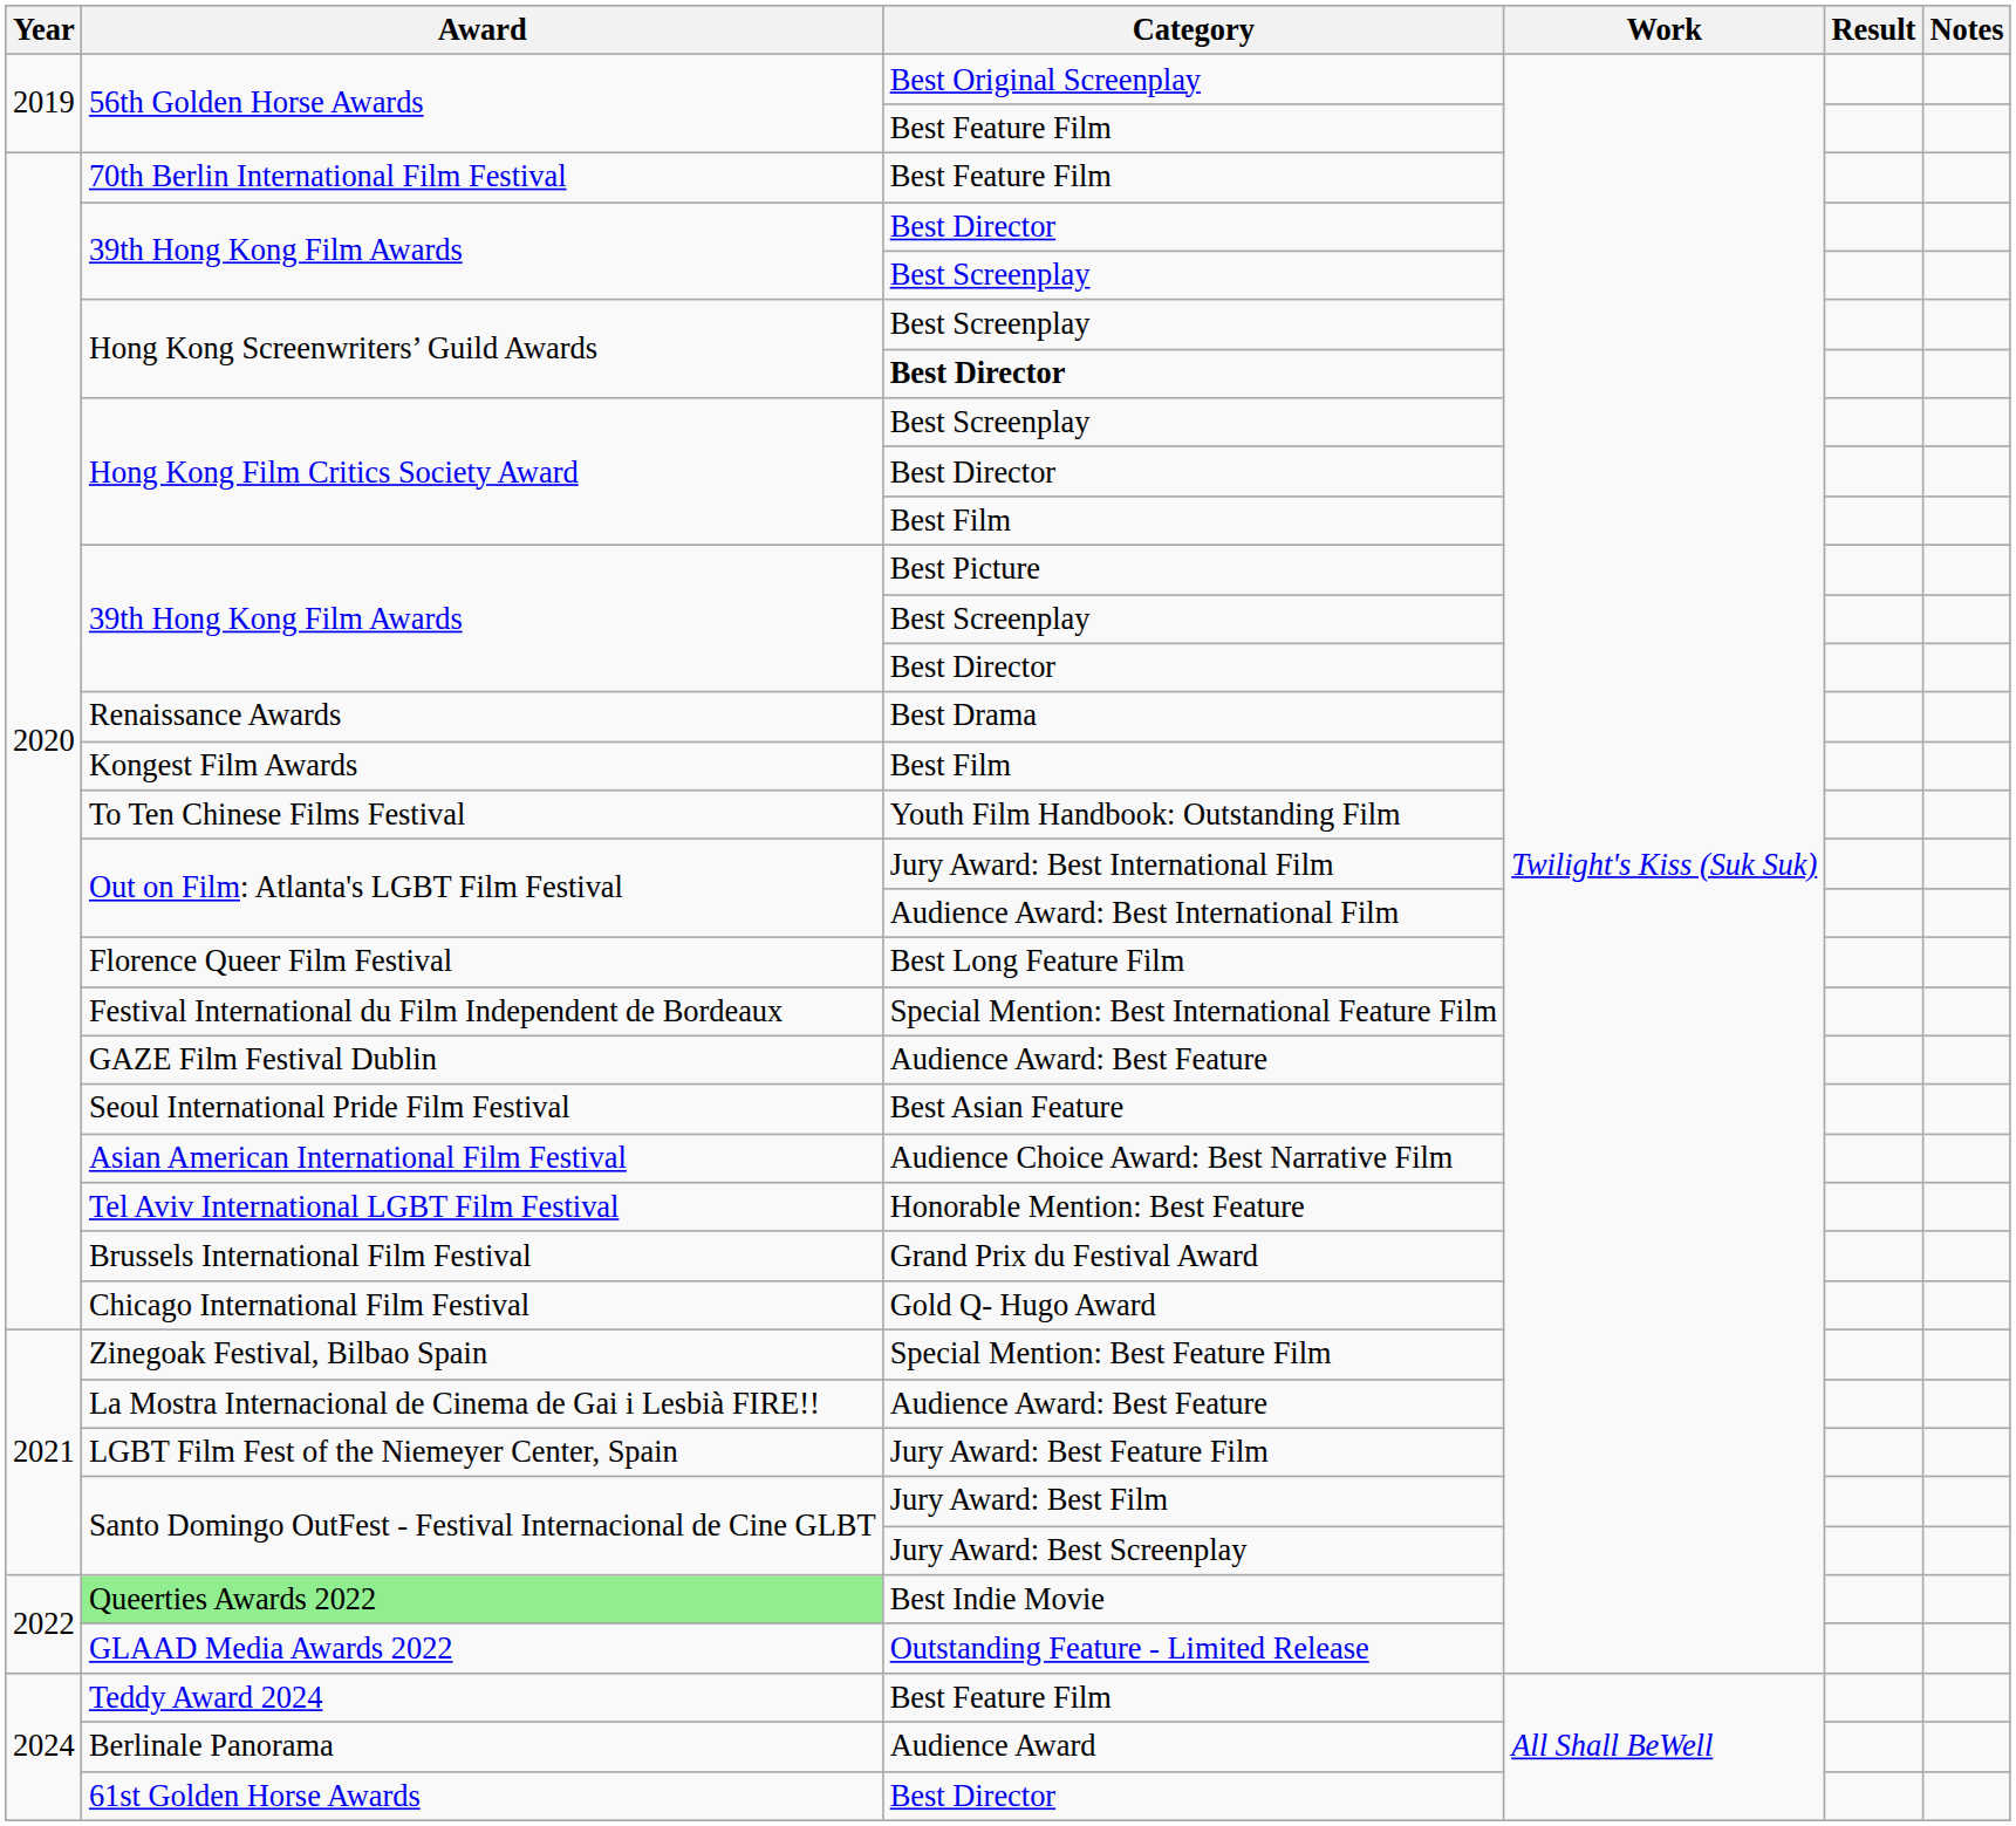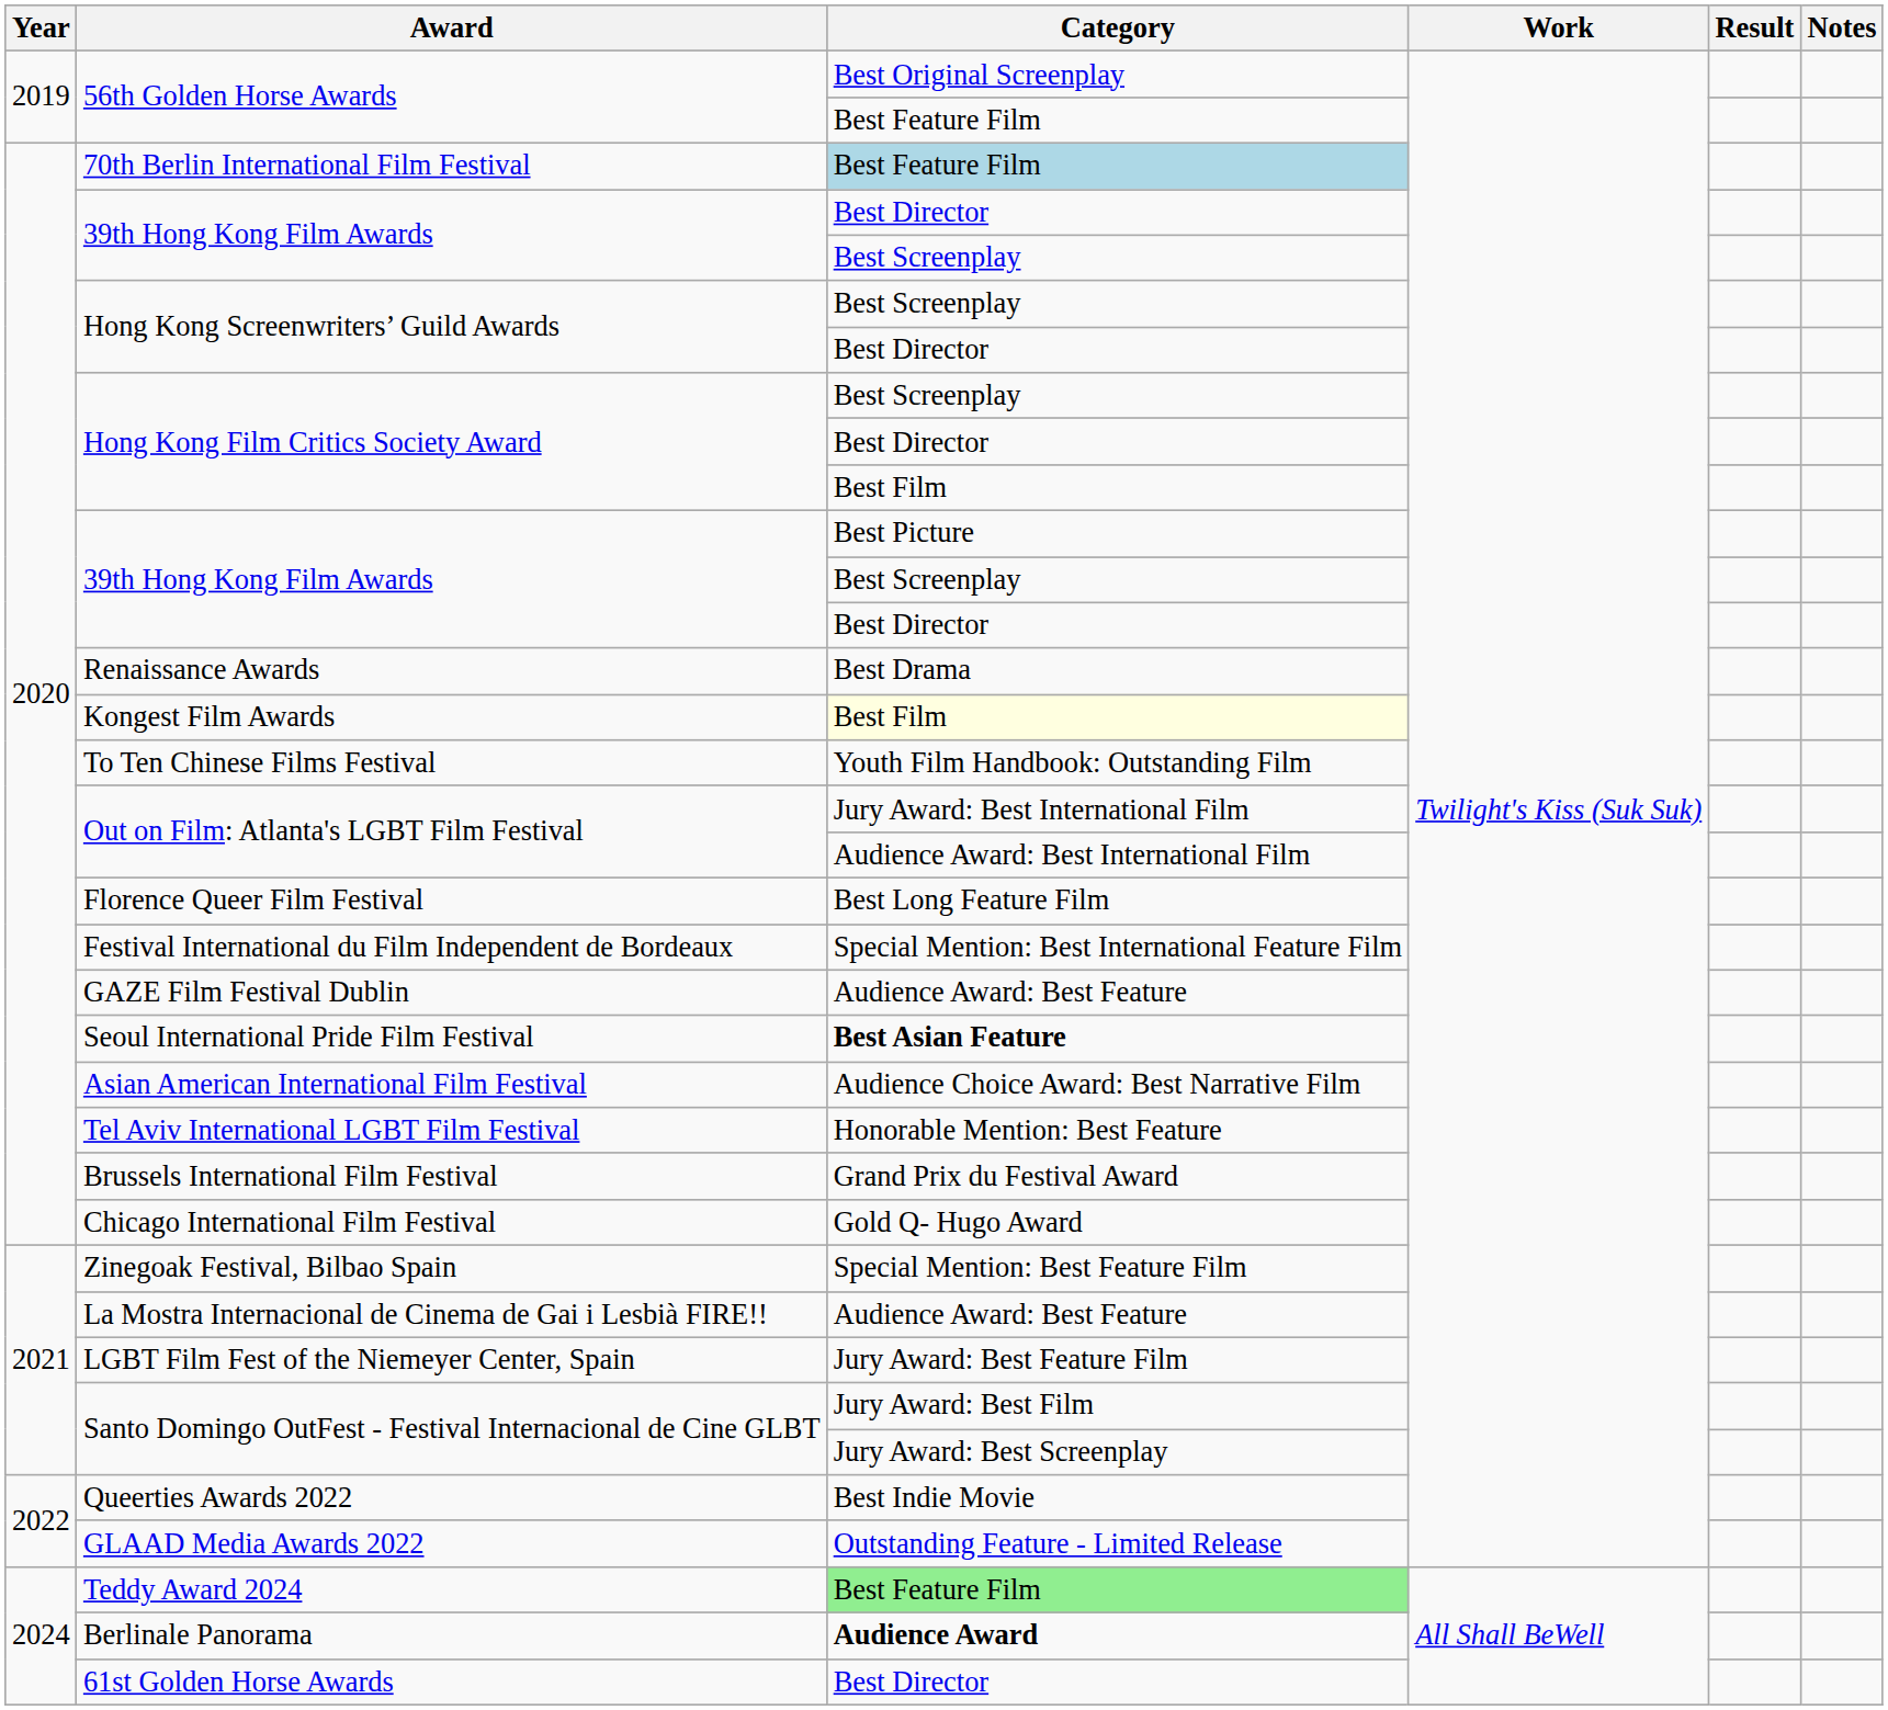 <table class="wikitable">
 <tr>
 <th>Year</th>
 <th>Award</th>
 <th>Category</th>
 <th>Work</th>
 <th>Result</th>
 <th>Notes</th>
 </tr>
 <tr>
 <td rowspan="2">2019</td>
 <td rowspan="2"><a href='#'>56th Golden Horse Awards</a></td>
 <td><a href='#'>Best Original Screenplay</a></td>
 <td rowspan="33"><em><a href='#'>Twilight's Kiss (Suk Suk)</a></em></td>
 <td></td>
 <td></td>
 </tr>
 <tr>
 <td Best Feature Film>Best Feature Film</td>
 <td></td>
 <td></td>
 </tr>
 <tr>
 <td rowspan="24">2020</td>
 <td><a href='#'>70th Berlin International Film Festival</a></td>
-<td Best Feature Film>Best Feature Film</td>
+<td Best Feature Film style="background: lightblue;">Best Feature Film</td>
 <td></td>
 <td></td>
 </tr>
 <tr>
 <td rowspan="2"><a href='#'>39th Hong Kong Film Awards</a></td>
 <td><a href='#'>Best Director</a></td>
 <td></td>
 <td></td>
 </tr>
 <tr>
 <td><a href='#'>Best Screenplay</a></td>
 <td></td>
 <td></td>
 </tr>
 <tr>
 <td rowspan="2">Hong Kong Screenwriters’ Guild Awards</td>
 <td>Best Screenplay</td>
 <td></td>
 <td></td>
 </tr>
 <tr>
-<td Best Role in a Screenplay><strong>Best Director</strong></td>
+<td Best Role in a Screenplay>Best Director</td>
 <td></td>
 <td></td>
 </tr>
 <tr>
 <td rowspan="3"><a href='#'>Hong Kong Film Critics Society Award</a></td>
 <td>Best Screenplay</td>
 <td></td>
 <td></td>
 </tr>
 <tr>
 <td Best Director>Best Director</td>
 <td></td>
 <td></td>
 </tr>
 <tr>
 <td Best Film>Best Film</td>
 <td></td>
 <td></td>
 </tr>
 <tr>
 <td rowspan="3"><a href='#'>39th Hong Kong Film Awards</a></td>
 <td Best Screenplay>Best Picture</td>
 <td></td>
 <td></td>
 </tr>
 <tr>
 <td Best Director>Best Screenplay</td>
 <td></td>
 <td></td>
 </tr>
 <tr>
 <td Best Picture>Best Director</td>
 <td></td>
 <td></td>
 </tr>
 <tr>
 <td>Renaissance Awards</td>
 <td Best Drama>Best Drama</td>
 <td></td>
 <td></td>
 </tr>
 <tr>
 <td>Kongest Film Awards</td>
-<td Best Drama>Best Film</td>
+<td Best Drama style="background: lightyellow;">Best Film</td>
 <td></td>
 <td></td>
 </tr>
 <tr>
 <td>To Ten Chinese Films Festival</td>
 <td Youth Film Handbook: Outstanding Film>Youth Film Handbook: Outstanding Film</td>
 <td></td>
 <td></td>
 </tr>
 <tr>
 <td rowspan="2"><a href='#'>Out on Film</a>: Atlanta's LGBT Film Festival</td>
 <td Jury Award: Best International Film>Jury Award: Best International Film</td>
 <td></td>
 <td></td>
 </tr>
 <tr>
 <td Audience Award: Best International Film>Audience Award: Best International Film</td>
 <td></td>
 <td></td>
 </tr>
 <tr>
 <td>Florence Queer Film Festival</td>
 <td Best Long Feature Film>Best Long Feature Film</td>
 <td></td>
 <td></td>
 </tr>
 <tr>
 <td>Festival International du Film Independent de Bordeaux</td>
 <td Special Mention: Best Feature Film>Special Mention: Best International Feature Film</td>
 <td></td>
 <td></td>
 </tr>
 <tr>
 <td>GAZE Film Festival Dublin</td>
 <td Audience Award: Best Feature>Audience Award: Best Feature</td>
 <td></td>
 <td></td>
 </tr>
 <tr>
 <td>Seoul International Pride Film Festival</td>
-<td Best Asian Feature>Best Asian Feature</td>
+<td Best Asian Feature><strong>Best Asian Feature</strong></td>
 <td></td>
 <td></td>
 </tr>
 <tr>
 <td><a href='#'>Asian American International Film Festival</a></td>
 <td Audience Choice Award: Best Narrative Film>Audience Choice Award: Best Narrative Film</td>
 <td></td>
 <td></td>
 </tr>
 <tr>
 <td><a href='#'>Tel Aviv International LGBT Film Festival</a></td>
 <td Honorable Mention: Best Feature>Honorable Mention: Best Feature</td>
 <td></td>
 <td></td>
 </tr>
 <tr>
 <td>Brussels International Film Festival</td>
 <td>Grand Prix du Festival Award</td>
 <td></td>
 <td></td>
 </tr>
 <tr>
 <td>Chicago International Film Festival</td>
 <td>Gold Q- Hugo Award</td>
 <td></td>
 <td></td>
 </tr>
 <tr>
 <td rowspan="5">2021</td>
 <td>Zinegoak Festival, Bilbao Spain</td>
 <td Special Mention: Best Feature Film>Special Mention: Best Feature Film</td>
 <td></td>
 <td></td>
 </tr>
 <tr>
 <td>La Mostra Internacional de Cinema de Gai i Lesbià FIRE!!</td>
 <td Audience Award: Best Feature>Audience Award: Best Feature</td>
 <td></td>
 <td></td>
 </tr>
 <tr>
 <td>LGBT Film Fest of the Niemeyer Center, Spain</td>
 <td Jury Award: Best Feature Film>Jury Award: Best Feature Film</td>
 <td></td>
 <td></td>
 </tr>
 <tr>
 <td rowspan="2">Santo Domingo OutFest - Festival Internacional de Cine GLBT</td>
 <td Jury Award: Best Film>Jury Award: Best Film</td>
 <td></td>
 <td></td>
 </tr>
 <tr>
 <td Jury Award: Best Screenplay>Jury Award: Best Screenplay</td>
 <td></td>
 <td></td>
 </tr>
 <tr>
 <td rowspan="2">2022</td>
-<td style="background: lightgreen;">Queerties Awards 2022</td>
+<td>Queerties Awards 2022</td>
 <td Best Indie Movie>Best Indie Movie</td>
 <td></td>
 <td></td>
 </tr>
 <tr>
 <td><a href='#'>GLAAD Media Awards 2022</a></td>
 <td><a href='#'>Outstanding Feature - Limited Release</a></td>
 <td></td>
 <td></td>
 </tr>
 <tr>
 <td rowspan="3">2024</td>
 <td><a href='#'>Teddy Award 2024</a></td>
-<td>Best Feature Film</td>
+<td style="background: lightgreen;">Best Feature Film</td>
 <td rowspan="3"><a href='#'><em>All Shall BeWell</em></a></td>
 <td></td>
 <td></td>
 </tr>
 <tr>
 <td>Berlinale Panorama</td>
-<td>Audience Award</td>
+<td><strong>Audience Award</strong></td>
 <td></td>
 <td></td>
 </tr>
 <tr>
 <td><a href='#'>61st Golden Horse Awards</a></td>
 <td><a href='#'>Best Director</a></td>
 <td></td>
 <td></td>
 </tr>
 </table>
